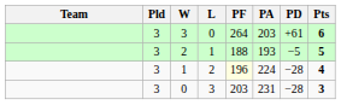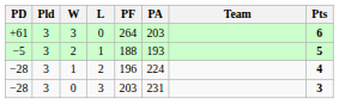 <table class=wikitable style="text-align:center">
 <tr>
-<th width=180>Team</th>
+<th width=30>PD</th>
 <th width=30>Pld</th>
 <th width=30>W</th>
 <th width=30>L</th>
 <th width=30>PF</th>
 <th width=30>PA</th>
-<th width=30>PD</th>
+<th width=180>Team</th>
 <th width=30>Pts</th>
 </tr>
 <tr align=center bgcolor="#ccffcc">
-<td align=left></td>
+<td>+61</td>
 <td>3</td>
 <td>3</td>
 <td>0</td>
 <td>264</td>
 <td>203</td>
-<td>+61</td>
+<td align=left></td>
 <td><strong>6</strong></td>
 </tr>
 <tr align=center bgcolor="#ccffcc">
-<td align=left></td>
+<td>−5</td>
 <td>3</td>
 <td>2</td>
 <td>1</td>
 <td>188</td>
 <td>193</td>
-<td>−5</td>
+<td align=left></td>
 <td><strong>5</strong></td>
 </tr>
 <tr align=center>
-<td align=left></td>
+<td>−28</td>
 <td>3</td>
 <td>1</td>
 <td>2</td>
-<td style="background: lightyellow;">196</td>
+<td>196</td>
 <td>224</td>
-<td>−28</td>
+<td align=left></td>
 <td><strong>4</strong></td>
 </tr>
 <tr align=center>
-<td align=left></td>
+<td>−28</td>
 <td>3</td>
 <td>0</td>
 <td>3</td>
 <td>203</td>
 <td>231</td>
-<td>−28</td>
+<td align=left></td>
 <td><strong>3</strong></td>
 </tr>
 </table>
